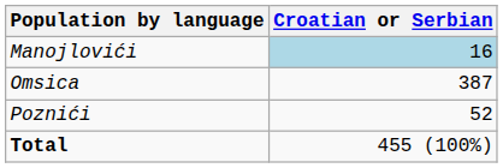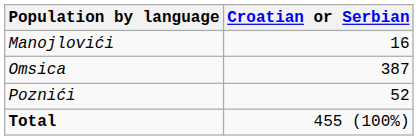 <table class="wikitable sortable">
 <tr>
 <th>Population by language</th>
 <th><a href='#'>Croatian</a> or <a href='#'>Serbian</a></th>
 </tr>
 <tr>
 <td><em>Manojlovići</em></td>
-<td align="right" style="background: lightblue;">16</td>
+<td align="right">16</td>
 </tr>
 <tr>
 <td><em>Omsica</em></td>
 <td align="right">387</td>
 </tr>
 <tr>
 <td><em>Poznići</em></td>
 <td align="right">52</td>
 </tr>
 <tr>
 <td><strong>Total</strong></td>
 <td align="right">455 (100%)</td>
 </tr>
 </table>
